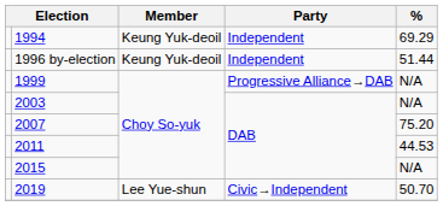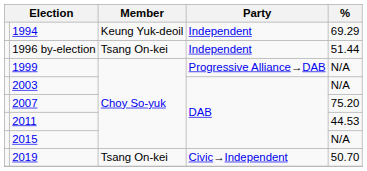 <table class="wikitable">
 <tr>
 <th colspan="2">Election</th>
 <th>Member</th>
 <th>Party</th>
 <th>%</th>
 </tr>
 <tr>
 <td style="background-color: "></td>
 <td><a href='#'>1994</a></td>
 <td>Keung Yuk-deoil</td>
 <td><a href='#'>Independent</a></td>
 <td>69.29</td>
 </tr>
 <tr>
 <td style="background-color: "></td>
 <td>1996 by-election</td>
-<td>Keung Yuk-deoil</td>
+<td>Tsang On-kei</td>
 <td><a href='#'>Independent</a></td>
 <td>51.44</td>
 </tr>
 <tr>
 <td style="background-color: "></td>
 <td><a href='#'>1999</a></td>
 <td rowspan=5><a href='#'>Choy So-yuk</a></td>
 <td><a href='#'>Progressive Alliance</a>→<a href='#'>DAB</a></td>
 <td>N/A</td>
 </tr>
 <tr>
 <td style="background-color: "></td>
 <td><a href='#'>2003</a></td>
 <td rowspan=4><a href='#'>DAB</a></td>
 <td>N/A</td>
 </tr>
 <tr>
 <td style="background-color: "></td>
 <td><a href='#'>2007</a></td>
 <td>75.20</td>
 </tr>
 <tr>
 <td style="background-color: "></td>
 <td><a href='#'>2011</a></td>
 <td>44.53</td>
 </tr>
 <tr>
 <td style="background-color: "></td>
 <td><a href='#'>2015</a></td>
 <td>N/A</td>
 </tr>
 <tr>
 <td style="background-color: "></td>
 <td><a href='#'>2019</a></td>
-<td>Lee Yue-shun</td>
+<td>Tsang On-kei</td>
 <td><a href='#'>Civic</a>→<a href='#'>Independent</a></td>
 <td>50.70</td>
 </tr>
 <tr>
 </tr>
 </table>
